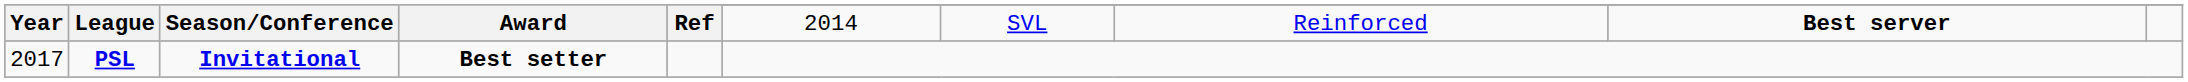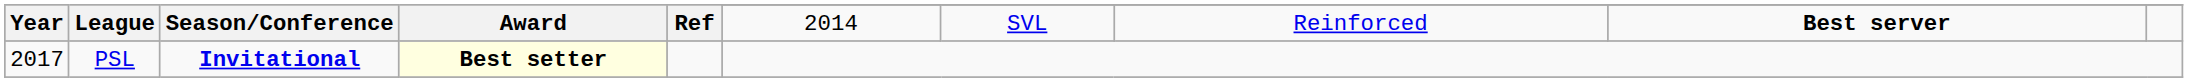 <table class="wikitable sortable" style="text-align:center" width="80%">
 <tr>
 <th style="width:5px;" rowspan="2">Year</th>
 <th style="width:25px;" rowspan="2">League</th>
 <th style="width:10px;" rowspan="2">Season/Conference</th>
 <th style="width:150px;" rowspan="2">Award</th>
 <th style="width:25px;" rowspan="2">Ref</th>
 </tr>
 <tr>
 <td>2014</td>
 <td><a href='#'>SVL</a></td>
 <td><a href='#'>Reinforced</a></td>
 <td><strong>Best server</strong></td>
 <td></td>
 </tr>
 <tr>
 <td>2017</td>
-<td><strong><a href='#'>PSL</a></strong></td>
+<td><a href='#'>PSL</a></td>
 <td><strong><a href='#'>Invitational</a></strong></td>
-<td><strong>Best setter</strong></td>
+<td style="background: lightyellow;"><strong>Best setter</strong></td>
 <td></td>
 </tr>
 </table>
